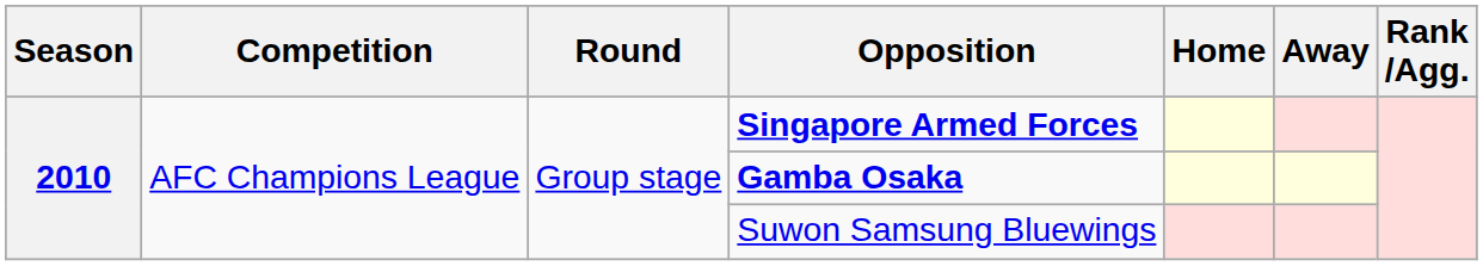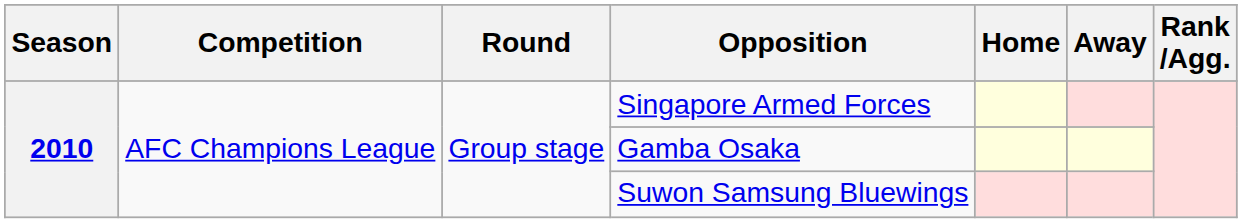 <table class="wikitable plainrowheaders">
 <tr>
 <th scope="col">Season</th>
 <th scope="col">Competition</th>
 <th scope="col">Round</th>
 <th scope="col">Opposition</th>
 <th scope="col">Home</th>
 <th scope="col">Away</th>
 <th scope="col">Rank<br>/Agg.</th>
 </tr>
 <tr>
 <th rowspan="3" scope="row" style="text-align:center"><a href='#'>2010</a></th>
 <td rowspan="3"><a href='#'>AFC Champions League</a></td>
 <td rowspan="3"><a href='#'>Group stage</a></td>
-<td><strong> <a href='#'>Singapore Armed Forces</a></strong></td>
+<td> <a href='#'>Singapore Armed Forces</a></td>
 <td style="background:#ffd;"></td>
 <td style="background:#fdd;"></td>
 <td rowspan="3" style="background:#fdd;"></td>
 </tr>
 <tr>
-<td><strong> <a href='#'>Gamba Osaka</a></strong></td>
+<td> <a href='#'>Gamba Osaka</a></td>
 <td style="background:#ffd;"></td>
 <td style="background:#ffd;"></td>
 </tr>
 <tr>
 <td> <a href='#'>Suwon Samsung Bluewings</a></td>
 <td style="background:#fdd;"></td>
 <td style="background:#fdd;"></td>
 </tr>
 </table>
